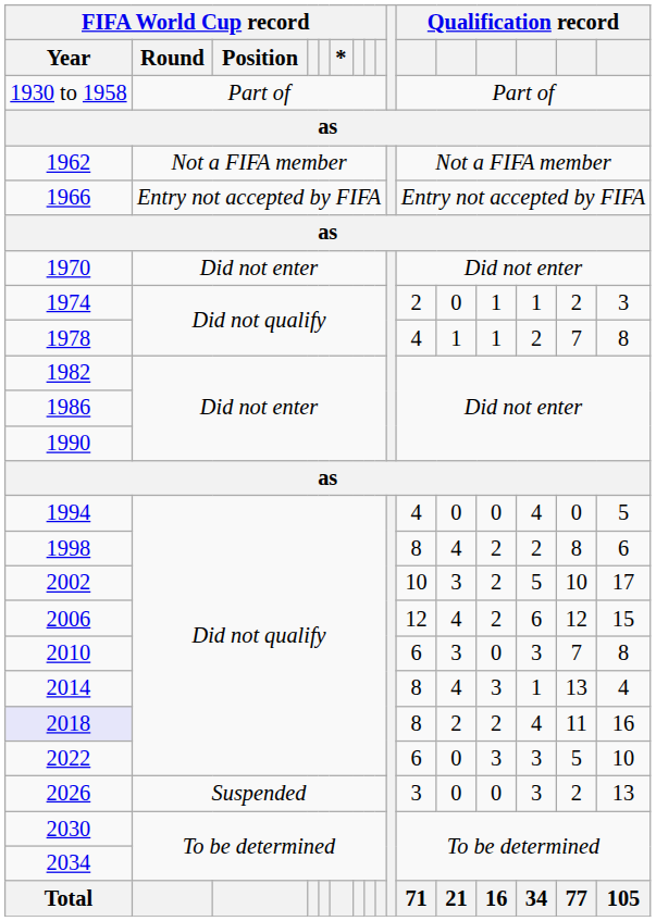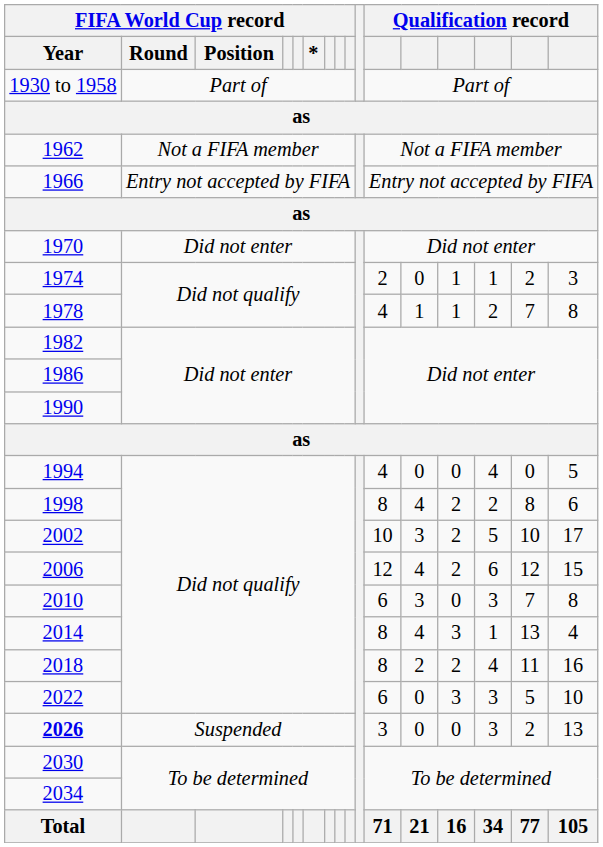 <table class="wikitable" style="text-align: center;">
 <tr>
 <th colspan=9><a href='#'>FIFA World Cup</a> record</th>
 <th rowspan=3></th>
 <th colspan=6><a href='#'>Qualification</a> record</th>
 </tr>
 <tr>
 <th>Year</th>
 <th>Round</th>
 <th>Position</th>
 <th></th>
 <th></th>
 <th>*</th>
 <th></th>
 <th></th>
 <th></th>
 <th></th>
 <th></th>
 <th></th>
 <th></th>
 <th></th>
 <th></th>
 </tr>
 <tr>
 <td><a href='#'>1930</a> to <a href='#'>1958</a></td>
 <td colspan=8><em>Part of </em></td>
 <td colspan=6><em>Part of </em></td>
 </tr>
 <tr>
 <th colspan=16>as <strong></strong></th>
 </tr>
 <tr>
 <td> <a href='#'>1962</a></td>
 <td colspan=8><em>Not a FIFA member</em></td>
 <th rowspan=2></th>
 <td colspan=6><em>Not a FIFA member</em></td>
 </tr>
 <tr>
 <td> <a href='#'>1966</a></td>
 <td Colspan=8><em>Entry not accepted by FIFA</em></td>
 <td Colspan=6><em>Entry not accepted by FIFA</em></td>
 </tr>
 <tr>
 <th colspan=16>as <strong></strong></th>
 </tr>
 <tr>
 <td> <a href='#'>1970</a></td>
 <td Colspan=8><em>Did not enter</em></td>
 <th rowspan=6></th>
 <td Colspan=6><em>Did not enter</em></td>
 </tr>
 <tr>
 <td> <a href='#'>1974</a></td>
 <td Rowspan=2 Colspan=8><em>Did not qualify</em></td>
 <td>2</td>
 <td>0</td>
 <td>1</td>
 <td>1</td>
 <td>2</td>
 <td>3</td>
 </tr>
 <tr>
 <td> <a href='#'>1978</a></td>
 <td>4</td>
 <td>1</td>
 <td>1</td>
 <td>2</td>
 <td>7</td>
 <td>8</td>
 </tr>
 <tr>
 <td> <a href='#'>1982</a></td>
 <td rowspan=3 Colspan=8><em>Did not enter</em></td>
 <td rowspan=3 Colspan=6><em>Did not enter</em></td>
 </tr>
 <tr>
 <td> <a href='#'>1986</a></td>
 </tr>
 <tr>
 <td> <a href='#'>1990</a></td>
 </tr>
 <tr>
 <th colspan=16>as <strong></strong></th>
 </tr>
 <tr>
 <td> <a href='#'>1994</a></td>
 <td rowspan=8 Colspan=8><em>Did not qualify</em></td>
 <th rowspan=12></th>
 <td>4</td>
 <td>0</td>
 <td>0</td>
 <td>4</td>
 <td>0</td>
 <td>5</td>
 </tr>
 <tr>
 <td> <a href='#'>1998</a></td>
 <td>8</td>
 <td>4</td>
 <td>2</td>
 <td>2</td>
 <td>8</td>
 <td>6</td>
 </tr>
 <tr>
 <td>  <a href='#'>2002</a></td>
 <td>10</td>
 <td>3</td>
 <td>2</td>
 <td>5</td>
 <td>10</td>
 <td>17</td>
 </tr>
 <tr>
 <td> <a href='#'>2006</a></td>
 <td>12</td>
 <td>4</td>
 <td>2</td>
 <td>6</td>
 <td>12</td>
 <td>15</td>
 </tr>
 <tr>
 <td> <a href='#'>2010</a></td>
 <td>6</td>
 <td>3</td>
 <td>0</td>
 <td>3</td>
 <td>7</td>
 <td>8</td>
 </tr>
 <tr>
 <td> <a href='#'>2014</a></td>
 <td>8</td>
 <td>4</td>
 <td>3</td>
 <td>1</td>
 <td>13</td>
 <td>4</td>
 </tr>
 <tr>
-<td style="background: lavender;"> <a href='#'>2018</a></td>
+<td> <a href='#'>2018</a></td>
 <td>8</td>
 <td>2</td>
 <td>2</td>
 <td>4</td>
 <td>11</td>
 <td>16</td>
 </tr>
 <tr>
 <td> <a href='#'>2022</a></td>
 <td>6</td>
 <td>0</td>
 <td>3</td>
 <td>3</td>
 <td>5</td>
 <td>10</td>
 </tr>
 <tr>
-<td>   <a href='#'>2026</a></td>
+<td><strong>   <a href='#'>2026</a></strong></td>
 <td colspan="8"><em>Suspended</em></td>
 <td>3</td>
 <td>0</td>
 <td>0</td>
 <td>3</td>
 <td>2</td>
 <td>13</td>
 </tr>
 <tr>
 <td>   <a href='#'>2030</a></td>
 <td rowspan=2 colspan=8><em>To be determined</em></td>
 <td rowspan=2 colspan=8><em>To be determined</em></td>
 </tr>
 <tr>
 <td> <a href='#'>2034</a></td>
 </tr>
 <tr>
 <th>Total</th>
 <th></th>
 <th></th>
 <th></th>
 <th></th>
 <th></th>
 <th></th>
 <th></th>
 <th></th>
 <th>71</th>
 <th>21</th>
 <th>16</th>
 <th>34</th>
 <th>77</th>
 <th>105</th>
 </tr>
 </table>
